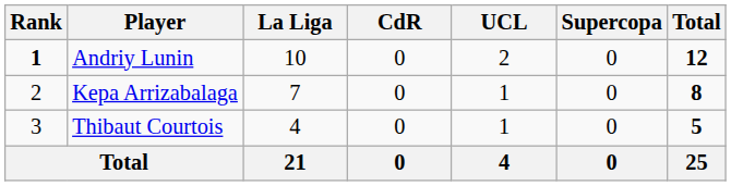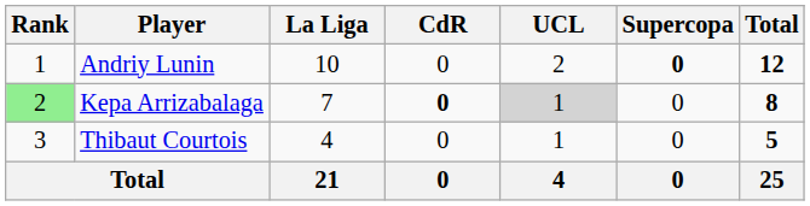 <table class="wikitable" style="text-align:center;">
 <tr>
 <th>Rank</th>
 <th>Player</th>
 <th width=14.5%>La Liga</th>
 <th width=14.5%><abbr>CdR</abbr></th>
 <th width=14.5%><abbr>UCL</abbr></th>
 <th>Supercopa</th>
 <th>Total</th>
 </tr>
 <tr>
-<td><strong>1</strong></td>
+<td>1</td>
 <td align=left> <a href='#'>Andriy Lunin</a></td>
 <td>10</td>
 <td>0</td>
 <td>2</td>
-<td>0</td>
+<td><strong>0</strong></td>
 <td><strong>12</strong></td>
 </tr>
 <tr>
-<td>2</td>
+<td style="background: lightgreen;">2</td>
 <td align=left> <a href='#'>Kepa Arrizabalaga</a></td>
 <td>7</td>
-<td>0</td>
-<td>1</td>
+<td><strong>0</strong></td>
+<td style="background: lightgrey;">1</td>
 <td>0</td>
 <td><strong>8</strong></td>
 </tr>
 <tr>
 <td>3</td>
 <td align=left> <a href='#'>Thibaut Courtois</a></td>
 <td>4</td>
 <td>0</td>
 <td>1</td>
 <td>0</td>
 <td><strong>5</strong></td>
 </tr>
 <tr>
 <th colspan=2>Total</th>
 <th>21</th>
 <th>0</th>
 <th>4</th>
 <th>0</th>
 <th>25</th>
 </tr>
 </table>
